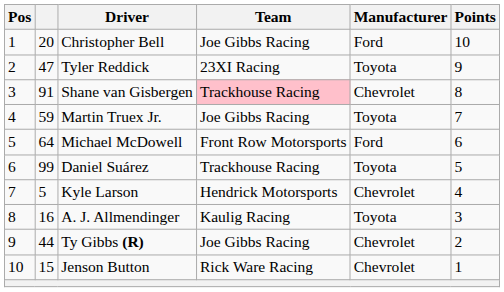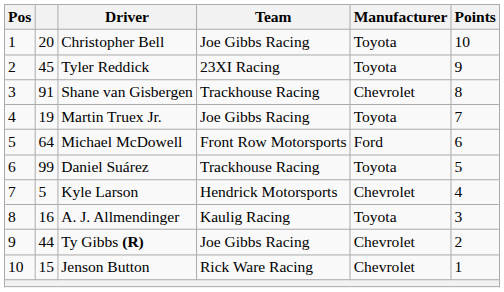 <table class="wikitable" style="font-size:98%">
 <tr>
 <th>Pos</th>
 <th></th>
 <th>Driver</th>
 <th>Team</th>
 <th>Manufacturer</th>
 <th>Points</th>
 </tr>
 <tr>
 <td>1</td>
 <td>20</td>
 <td>Christopher Bell</td>
 <td>Joe Gibbs Racing</td>
-<td>Ford</td>
+<td>Toyota</td>
 <td>10</td>
 </tr>
 <tr>
 <td>2</td>
-<td>47</td>
+<td>45</td>
 <td>Tyler Reddick</td>
 <td>23XI Racing</td>
 <td>Toyota</td>
 <td>9</td>
 </tr>
 <tr>
 <td>3</td>
 <td>91</td>
 <td>Shane van Gisbergen</td>
-<td style="background: pink;">Trackhouse Racing</td>
+<td>Trackhouse Racing</td>
 <td>Chevrolet</td>
 <td>8</td>
 </tr>
 <tr>
 <td>4</td>
-<td>59</td>
+<td>19</td>
 <td>Martin Truex Jr.</td>
 <td>Joe Gibbs Racing</td>
 <td>Toyota</td>
 <td>7</td>
 </tr>
 <tr>
 <td>5</td>
 <td>64</td>
 <td>Michael McDowell</td>
 <td>Front Row Motorsports</td>
 <td>Ford</td>
 <td>6</td>
 </tr>
 <tr>
 <td>6</td>
 <td>99</td>
 <td>Daniel Suárez</td>
 <td>Trackhouse Racing</td>
 <td>Toyota</td>
 <td>5</td>
 </tr>
 <tr>
 <td>7</td>
 <td>5</td>
 <td>Kyle Larson</td>
 <td>Hendrick Motorsports</td>
 <td>Chevrolet</td>
 <td>4</td>
 </tr>
 <tr>
 <td>8</td>
 <td>16</td>
 <td>A. J. Allmendinger</td>
 <td>Kaulig Racing</td>
 <td>Toyota</td>
 <td>3</td>
 </tr>
 <tr>
 <td>9</td>
 <td>44</td>
 <td>Ty Gibbs <strong>(R)</strong></td>
 <td>Joe Gibbs Racing</td>
 <td>Chevrolet</td>
 <td>2</td>
 </tr>
 <tr>
 <td>10</td>
 <td>15</td>
 <td>Jenson Button</td>
 <td>Rick Ware Racing</td>
 <td>Chevrolet</td>
 <td>1</td>
 </tr>
 <tr>
 <th colspan="6"></th>
 </tr>
 </table>
